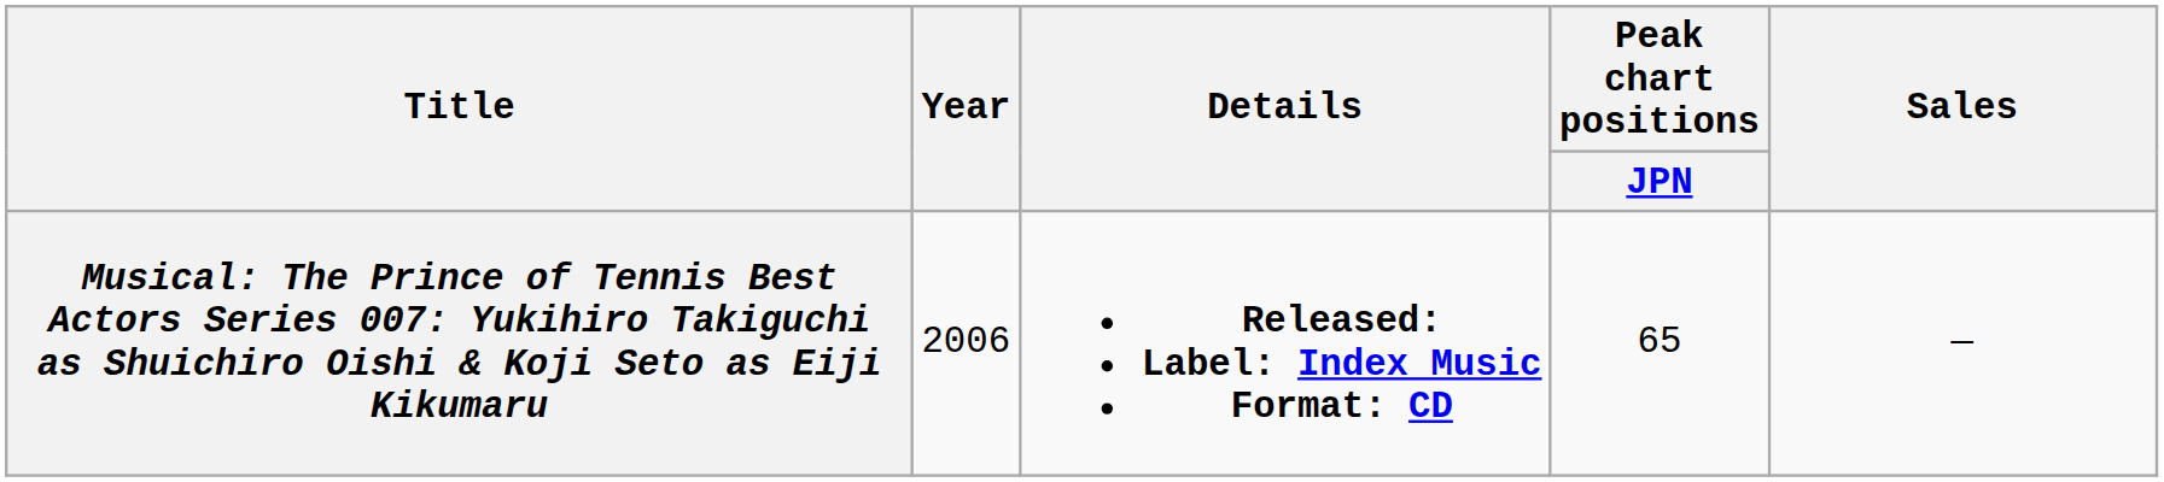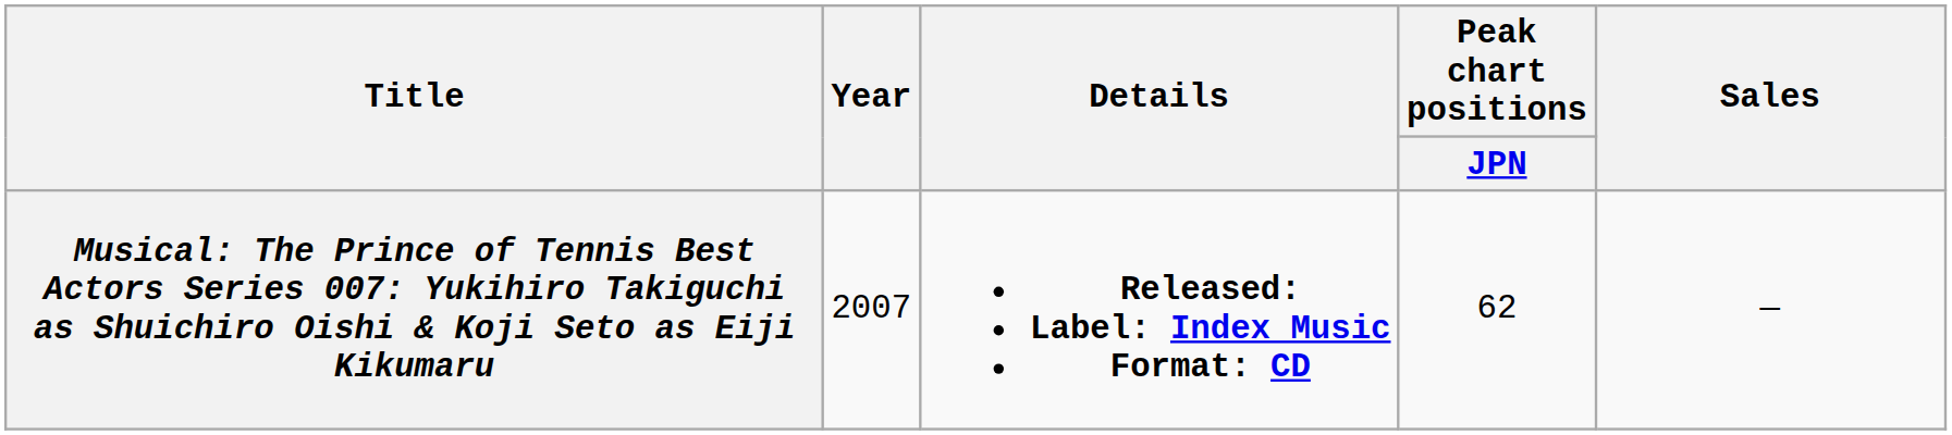 <table class="wikitable plainrowheaders" style="text-align:center;">
 <tr>
 <th rowspan="2" style="width:24em;">Title</th>
 <th rowspan="2">Year</th>
 <th rowspan="2">Details</th>
 <th colspan="1">Peak chart positions</th>
 <th rowspan="2" style="width:10em;">Sales</th>
 </tr>
 <tr>
 <th width="30"><a href='#'>JPN</a></th>
 </tr>
 <tr>
 <th scope="row"><em>Musical: The Prince of Tennis Best Actors Series 007: Yukihiro Takiguchi as Shuichiro Oishi & Koji Seto as Eiji Kikumaru</em><br></th>
-<td>2006</td>
+<td>2007</td>
 <td><strong><br><ul><li>Released: </li><li>Label: <a href='#'>Index Music</a></li><li>Format: <a href='#'>CD</a></li></ul></strong></td>
-<td>65</td>
+<td>62</td>
 <td>—</td>
 </tr>
 </table>
